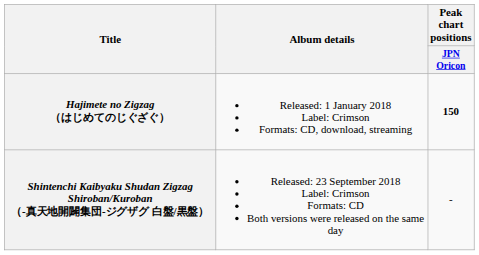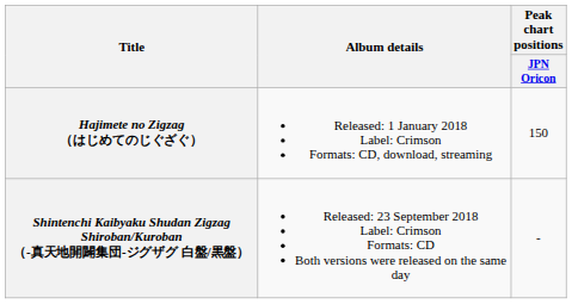 <table class="wikitable plainrowheaders" style="text-align:center;">
 <tr>
 <th scope="col" rowspan="2" style="width:19em;">Title</th>
 <th scope="col" rowspan="2" style="width:19em;">Album details</th>
 <th scope="col" colspan="1">Peak<br>chart<br>positions</th>
 </tr>
 <tr>
 <th scope="col" style="width:2.9em;font-size:90%;"><a href='#'>JPN<br>Oricon</a><br></th>
 </tr>
 <tr>
 <th scope="row"><em>Hajimete no Zigzag</em><br>（はじめてのじぐざぐ）</th>
 <td><br><ul><li>Released: 1 January 2018</li><li>Label: Crimson</li><li>Formats: CD, download, streaming</li></ul></td>
-<td><strong>150</strong></td>
+<td>150</td>
 </tr>
 <tr>
 <th scope="row"><em>Shintenchi Kaibyaku Shudan Zigzag Shiroban/Kuroban</em><br>（-真天地開闢集団-ジグザグ 白盤/黒盤）</th>
 <td><br><ul><li>Released: 23 September 2018</li><li>Label: Crimson</li><li>Formats: CD</li><li>Both versions were released on the same day</li></ul></td>
 <td>-</td>
 </tr>
 </table>
